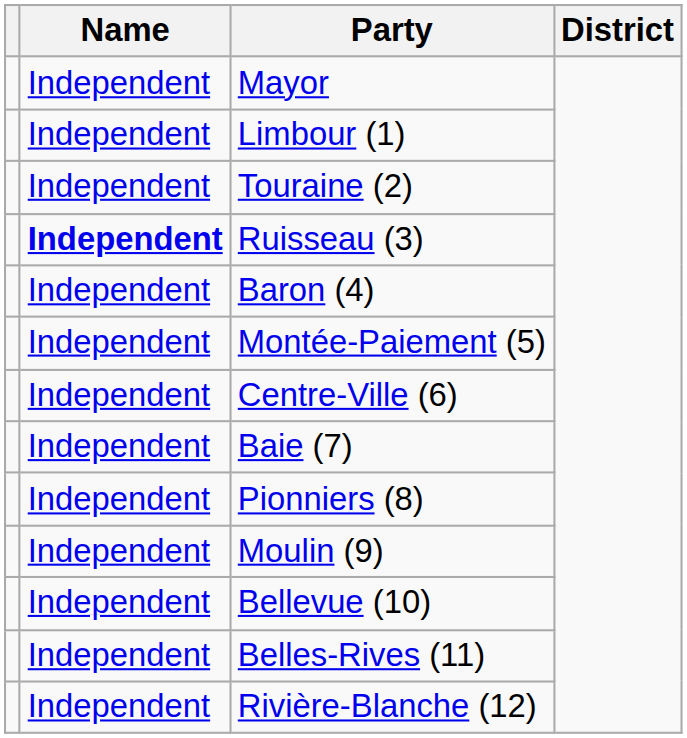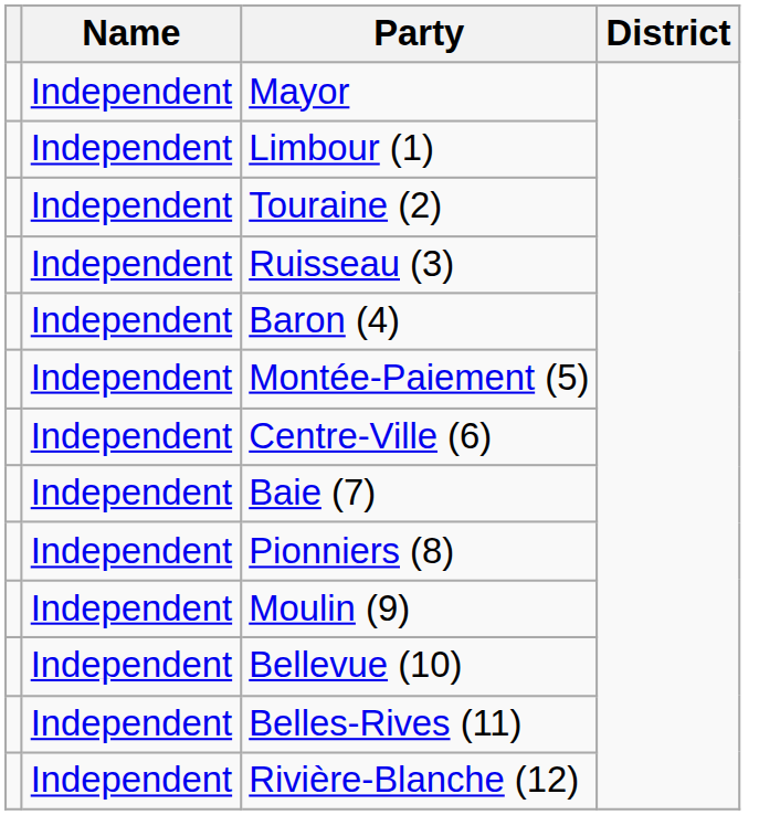 <table class="wikitable sortable">
 <tr>
 <th></th>
 <th>Name</th>
 <th>Party</th>
 <th>District</th>
 </tr>
 <tr>
 <td><strong></strong></td>
 <td><a href='#'>Independent</a></td>
 <td><a href='#'>Mayor</a></td>
 </tr>
 <tr>
 <td></td>
 <td><a href='#'>Independent</a></td>
 <td><a href='#'>Limbour</a> (1)</td>
 </tr>
 <tr>
 <td></td>
 <td><a href='#'>Independent</a></td>
 <td><a href='#'>Touraine</a> (2)</td>
 </tr>
 <tr>
 <td></td>
-<td><strong><a href='#'>Independent</a></strong></td>
+<td><a href='#'>Independent</a></td>
 <td><a href='#'>Ruisseau</a> (3)</td>
 </tr>
 <tr>
 <td></td>
 <td><a href='#'>Independent</a></td>
 <td><a href='#'>Baron</a> (4)</td>
 </tr>
 <tr>
 <td></td>
 <td><a href='#'>Independent</a></td>
 <td><a href='#'>Montée-Paiement</a> (5)</td>
 </tr>
 <tr>
 <td></td>
 <td><a href='#'>Independent</a></td>
 <td><a href='#'>Centre-Ville</a> (6)</td>
 </tr>
 <tr>
 <td></td>
 <td><a href='#'>Independent</a></td>
 <td><a href='#'>Baie</a> (7)</td>
 </tr>
 <tr>
 <td></td>
 <td><a href='#'>Independent</a></td>
 <td><a href='#'>Pionniers</a> (8)</td>
 </tr>
 <tr>
 <td></td>
 <td><a href='#'>Independent</a></td>
 <td><a href='#'>Moulin</a> (9)</td>
 </tr>
 <tr>
 <td></td>
 <td><a href='#'>Independent</a></td>
 <td><a href='#'>Bellevue</a> (10)</td>
 </tr>
 <tr>
 <td></td>
 <td><a href='#'>Independent</a></td>
 <td><a href='#'>Belles-Rives</a> (11)</td>
 </tr>
 <tr>
 <td></td>
 <td><a href='#'>Independent</a></td>
 <td><a href='#'>Rivière-Blanche</a> (12)</td>
 </tr>
 </table>
